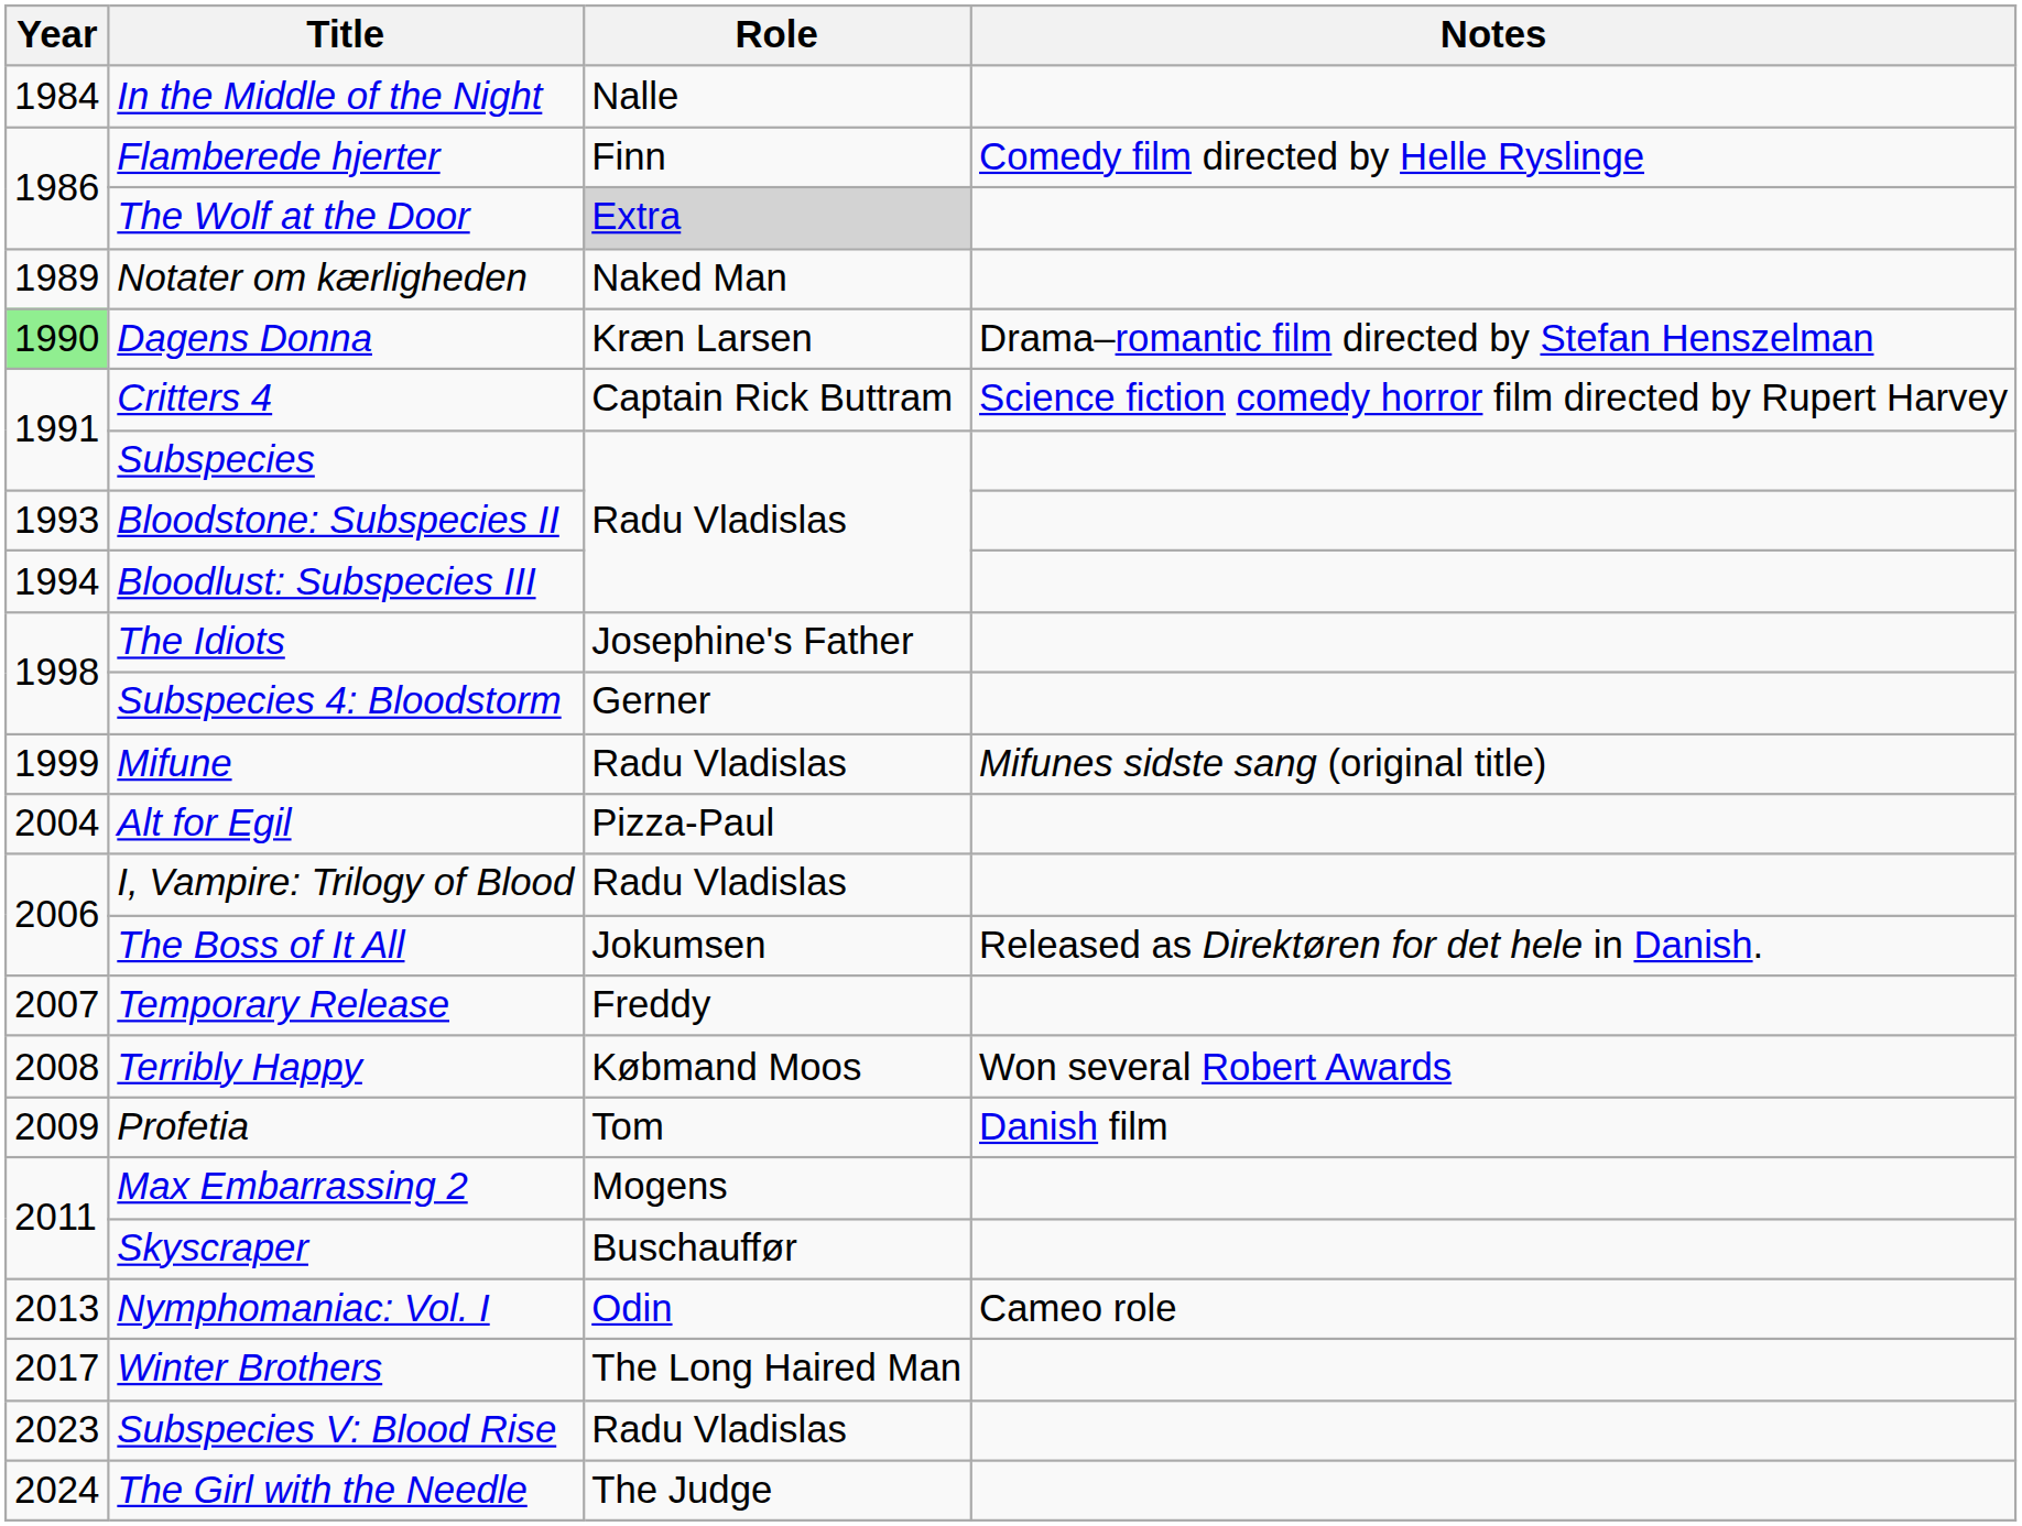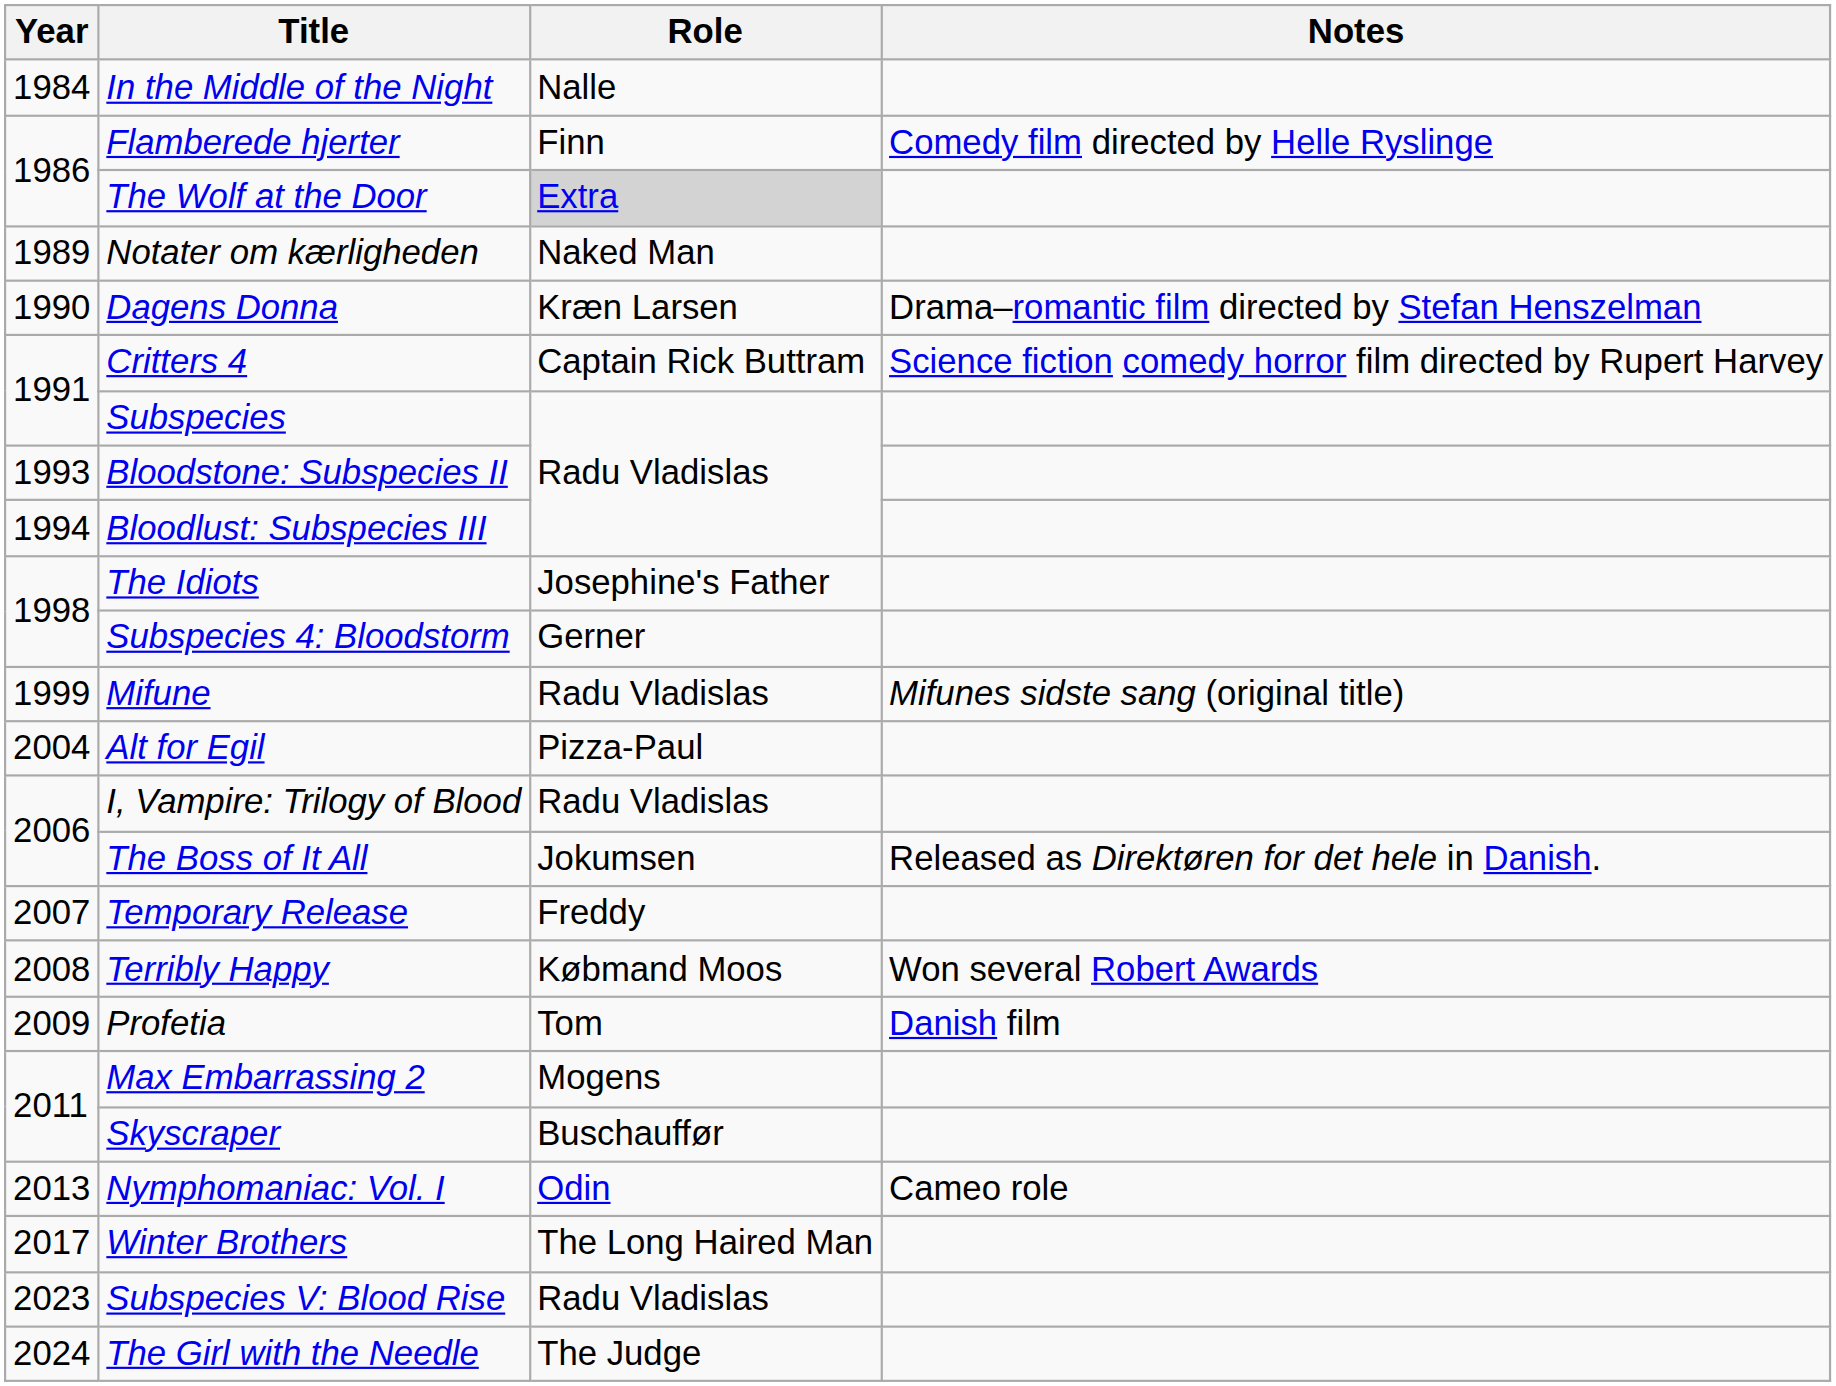 <table class="wikitable sortable plainrowheaders">
 <tr>
 <th scope="col">Year</th>
 <th scope="col">Title</th>
 <th scope="col">Role</th>
 <th scope="col" class="unsortable">Notes</th>
 </tr>
 <tr>
 <td>1984</td>
 <td><em><a href='#'>In the Middle of the Night</a></em></td>
 <td>Nalle</td>
 <td></td>
 </tr>
 <tr>
 <td rowspan="2">1986</td>
 <td><em><a href='#'>Flamberede hjerter</a></em></td>
 <td>Finn</td>
 <td><a href='#'>Comedy film</a> directed by <a href='#'>Helle Ryslinge</a></td>
 </tr>
 <tr>
 <td><em><a href='#'>The Wolf at the Door</a></em></td>
 <td style="background: lightgrey;"><a href='#'>Extra</a></td>
 <td></td>
 </tr>
 <tr>
 <td>1989</td>
 <td><em>Notater om kærligheden</em></td>
 <td>Naked Man</td>
 <td></td>
 </tr>
 <tr>
-<td style="background: lightgreen;">1990</td>
+<td>1990</td>
 <td><em><a href='#'>Dagens Donna</a></em></td>
 <td>Kræn Larsen</td>
 <td>Drama–<a href='#'>romantic film</a> directed by <a href='#'>Stefan Henszelman</a></td>
 </tr>
 <tr>
 <td rowspan="2">1991</td>
 <td><em><a href='#'>Critters 4</a></em></td>
 <td>Captain Rick Buttram</td>
 <td><a href='#'>Science fiction</a> <a href='#'>comedy horror</a> film directed by Rupert Harvey</td>
 </tr>
 <tr>
 <td><em><a href='#'>Subspecies</a></em></td>
 <td rowspan="3">Radu Vladislas</td>
 <td></td>
 </tr>
 <tr>
 <td>1993</td>
 <td><em><a href='#'>Bloodstone: Subspecies II</a></em></td>
 <td></td>
 </tr>
 <tr>
 <td>1994</td>
 <td><em><a href='#'>Bloodlust: Subspecies III</a></em></td>
 <td></td>
 </tr>
 <tr>
 <td rowspan="2">1998</td>
 <td><em><a href='#'>The Idiots</a></em></td>
 <td>Josephine's Father</td>
 <td></td>
 </tr>
 <tr>
 <td><em><a href='#'>Subspecies 4: Bloodstorm</a></em></td>
 <td>Gerner</td>
 <td></td>
 </tr>
 <tr>
 <td>1999</td>
 <td><em><a href='#'>Mifune</a></em></td>
 <td>Radu Vladislas</td>
 <td><em>Mifunes sidste sang</em> (original title)</td>
 </tr>
 <tr>
 <td>2004</td>
 <td><em><a href='#'>Alt for Egil</a></em></td>
 <td>Pizza-Paul</td>
 <td></td>
 </tr>
 <tr>
 <td rowspan="2">2006</td>
 <td><em>I, Vampire: Trilogy of Blood</em></td>
 <td>Radu Vladislas</td>
 <td></td>
 </tr>
 <tr>
 <td><em><a href='#'>The Boss of It All</a></em></td>
 <td>Jokumsen</td>
 <td>Released as <em>Direktøren for det hele</em> in <a href='#'>Danish</a>.</td>
 </tr>
 <tr>
 <td>2007</td>
 <td><em><a href='#'>Temporary Release</a></em></td>
 <td>Freddy</td>
 <td></td>
 </tr>
 <tr>
 <td>2008</td>
 <td><em><a href='#'>Terribly Happy</a></em></td>
 <td>Købmand Moos</td>
 <td>Won several <a href='#'>Robert Awards</a></td>
 </tr>
 <tr>
 <td>2009</td>
 <td><em>Profetia</em></td>
 <td>Tom</td>
 <td><a href='#'>Danish</a> film</td>
 </tr>
 <tr>
 <td rowspan="2">2011</td>
 <td><em><a href='#'>Max Embarrassing 2</a></em></td>
 <td>Mogens</td>
 <td></td>
 </tr>
 <tr>
 <td><em><a href='#'>Skyscraper</a></em></td>
 <td>Buschauffør</td>
 <td></td>
 </tr>
 <tr>
 <td>2013</td>
 <td><em><a href='#'>Nymphomaniac: Vol. I</a></em></td>
 <td><a href='#'>Odin</a></td>
 <td>Cameo role</td>
 </tr>
 <tr>
 <td>2017</td>
 <td><em><a href='#'>Winter Brothers</a></em></td>
 <td>The Long Haired Man</td>
 <td></td>
 </tr>
 <tr>
 <td>2023</td>
 <td><em><a href='#'>Subspecies V: Blood Rise</a></em></td>
 <td>Radu Vladislas</td>
 <td></td>
 </tr>
 <tr>
 <td>2024</td>
 <td><em><a href='#'>The Girl with the Needle</a></em></td>
 <td>The Judge</td>
 <td></td>
 </tr>
 </table>
